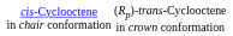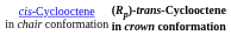 <table style="margin-left:auto;margin-right:auto;">
 <tr>
 <td></td>
 <td align="right"></td>
 </tr>
 <tr align="center">
 <td><a href='#'><em>cis</em>-Cyclooctene</a><br>in <em>chair</em> conformation</td>
-<td>(<em>R<sub>p</sub></em>)-<em>trans</em>-Cyclooctene<br>in <em>crown</em> conformation</td>
+<td><strong>(<em>R<sub>p</sub></em>)-<em>trans</em>-Cyclooctene<br>in <em>crown</em> conformation</strong></td>
 </tr>
 </table>
